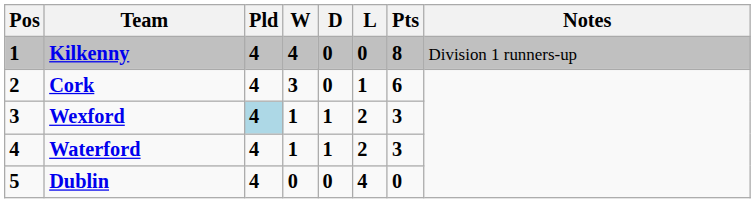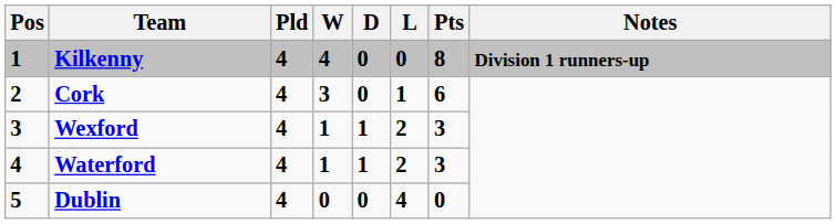 <table class="wikitable" style="text-align: centre;">
 <tr>
 <th width=20>Pos</th>
 <th width=150>Team</th>
 <th width=20>Pld</th>
 <th width=20>W</th>
 <th width=20>D</th>
 <th width=20>L</th>
 <th width=20>Pts</th>
 <th width=250>Notes</th>
 </tr>
 <tr style="background:silver;">
 <td><strong>1</strong></td>
 <td align=left><strong> <a href='#'>Kilkenny</a> </strong></td>
 <td><strong>4</strong></td>
 <td><strong>4</strong></td>
 <td><strong>0</strong></td>
 <td><strong>0</strong></td>
 <td><strong>8</strong></td>
-<td><small> Division 1 runners-up</small></td>
+<td><strong><small> Division 1 runners-up</small></strong></td>
 </tr>
 <tr style>
 <td><strong>2</strong></td>
 <td align=left><strong> <a href='#'>Cork</a> </strong></td>
 <td><strong>4</strong></td>
 <td><strong>3</strong></td>
 <td><strong>0</strong></td>
 <td><strong>1</strong></td>
 <td><strong>6</strong></td>
 </tr>
 <tr>
 <td><strong>3</strong></td>
 <td align=left><strong> <a href='#'>Wexford</a> </strong></td>
-<td style="background: lightblue;"><strong>4</strong></td>
+<td><strong>4</strong></td>
 <td><strong>1</strong></td>
 <td><strong>1</strong></td>
 <td><strong>2</strong></td>
 <td><strong>3</strong></td>
 </tr>
 <tr style>
 <td><strong>4</strong></td>
 <td align=left><strong> <a href='#'>Waterford</a> </strong></td>
 <td><strong>4</strong></td>
 <td><strong>1</strong></td>
 <td><strong>1</strong></td>
 <td><strong>2</strong></td>
 <td><strong>3</strong></td>
 </tr>
 <tr>
 <td><strong>5</strong></td>
 <td align=left><strong> <a href='#'>Dublin</a> </strong></td>
 <td><strong>4</strong></td>
 <td><strong>0</strong></td>
 <td><strong>0</strong></td>
 <td><strong>4</strong></td>
 <td><strong>0</strong></td>
 </tr>
 </table>
